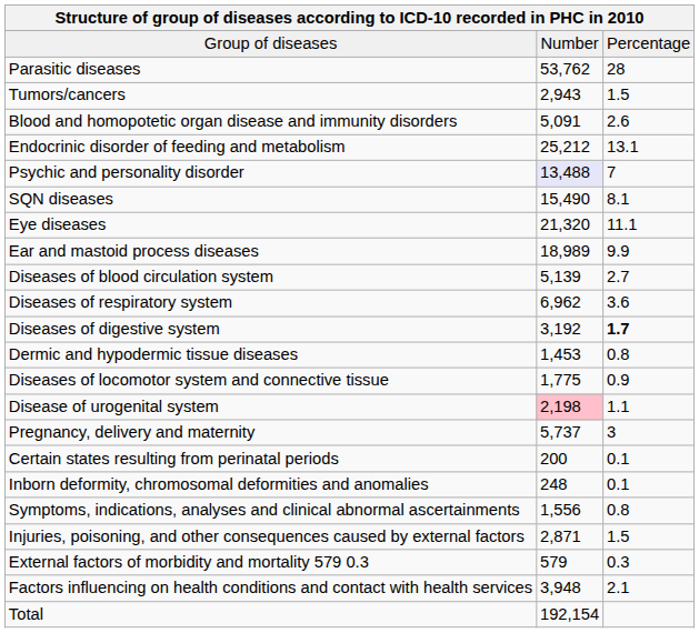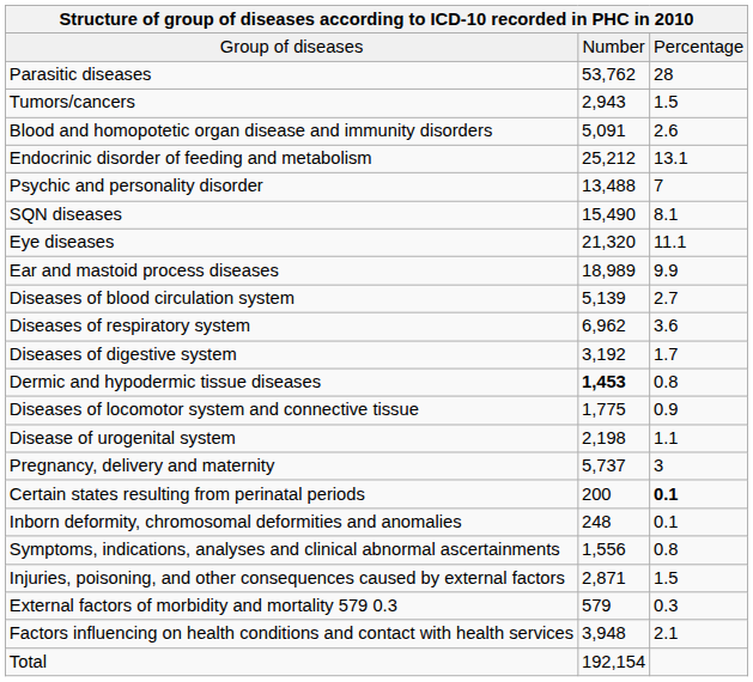 <table class="wikitable collapsible collapsed">
 <tr>
 <th colspan=7>Structure of group of diseases according to ICD-10 recorded in PHC in 2010</th>
 </tr>
 <tr>
 <td align="center" style="background:#f0f0f0;">Group of diseases</td>
 <td align="center" style="background:#f0f0f0;">Number</td>
 <td align="center" style="background:#f0f0f0;">Percentage</td>
 </tr>
 <tr>
 <td>Parasitic diseases</td>
 <td>53,762</td>
 <td>28</td>
 </tr>
 <tr>
 <td>Tumors/cancers</td>
 <td>2,943</td>
 <td>1.5</td>
 </tr>
 <tr>
 <td>Blood and homopotetic organ disease and immunity disorders</td>
 <td>5,091</td>
 <td>2.6</td>
 </tr>
 <tr>
 <td>Endocrinic disorder of feeding and metabolism</td>
 <td>25,212</td>
 <td>13.1</td>
 </tr>
 <tr>
 <td>Psychic and personality disorder</td>
-<td style="background: lavender;">13,488</td>
+<td>13,488</td>
 <td>7</td>
 </tr>
 <tr>
 <td>SQN diseases</td>
 <td>15,490</td>
 <td>8.1</td>
 </tr>
 <tr>
 <td>Eye diseases</td>
 <td>21,320</td>
 <td>11.1</td>
 </tr>
 <tr>
 <td>Ear and mastoid process diseases</td>
 <td>18,989</td>
 <td>9.9</td>
 </tr>
 <tr>
 <td>Diseases of blood circulation system</td>
 <td>5,139</td>
 <td>2.7</td>
 </tr>
 <tr>
 <td>Diseases of respiratory system</td>
 <td>6,962</td>
 <td>3.6</td>
 </tr>
 <tr>
 <td>Diseases of digestive system</td>
 <td>3,192</td>
-<td><strong>1.7</strong></td>
+<td>1.7</td>
 </tr>
 <tr>
 <td>Dermic and hypodermic tissue diseases</td>
-<td>1,453</td>
+<td><strong>1,453</strong></td>
 <td>0.8</td>
 </tr>
 <tr>
 <td>Diseases of locomotor system and connective tissue</td>
 <td>1,775</td>
 <td>0.9</td>
 </tr>
 <tr>
 <td>Disease of urogenital system</td>
-<td style="background: pink;">2,198</td>
+<td>2,198</td>
 <td>1.1</td>
 </tr>
 <tr>
 <td>Pregnancy, delivery and maternity</td>
 <td>5,737</td>
 <td>3</td>
 </tr>
 <tr>
 <td>Certain states resulting from perinatal periods</td>
 <td>200</td>
-<td>0.1</td>
+<td><strong>0.1</strong></td>
 </tr>
 <tr>
 <td>Inborn deformity, chromosomal deformities and anomalies</td>
 <td>248</td>
 <td>0.1</td>
 </tr>
 <tr>
 <td>Symptoms, indications, analyses and clinical abnormal ascertainments</td>
 <td>1,556</td>
 <td>0.8</td>
 </tr>
 <tr>
 <td>Injuries, poisoning, and other consequences caused by external factors</td>
 <td>2,871</td>
 <td>1.5</td>
 </tr>
 <tr>
 <td>External factors of morbidity and mortality 579 0.3</td>
 <td>579</td>
 <td>0.3</td>
 </tr>
 <tr>
 <td>Factors influencing on health conditions and contact with health services</td>
 <td>3,948</td>
 <td>2.1</td>
 </tr>
 <tr>
 <td>Total</td>
 <td>192,154</td>
 <td></td>
 </tr>
 </table>
